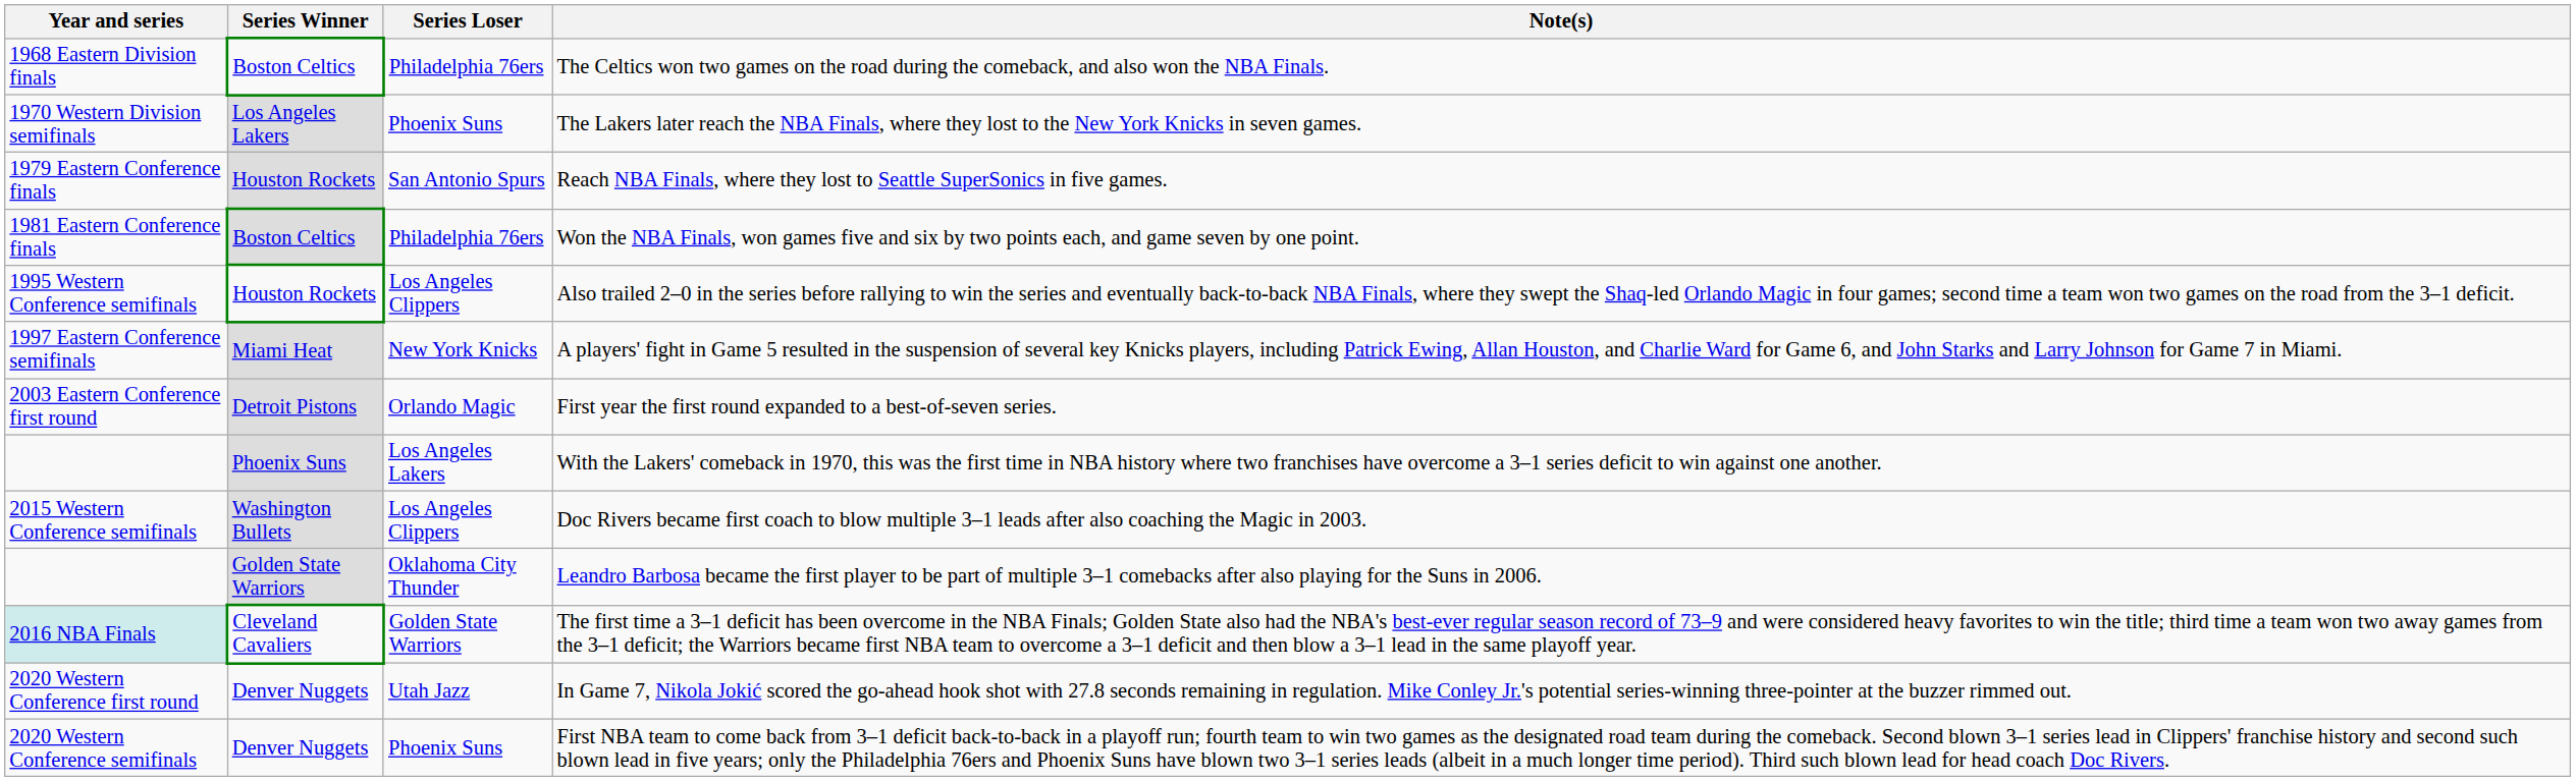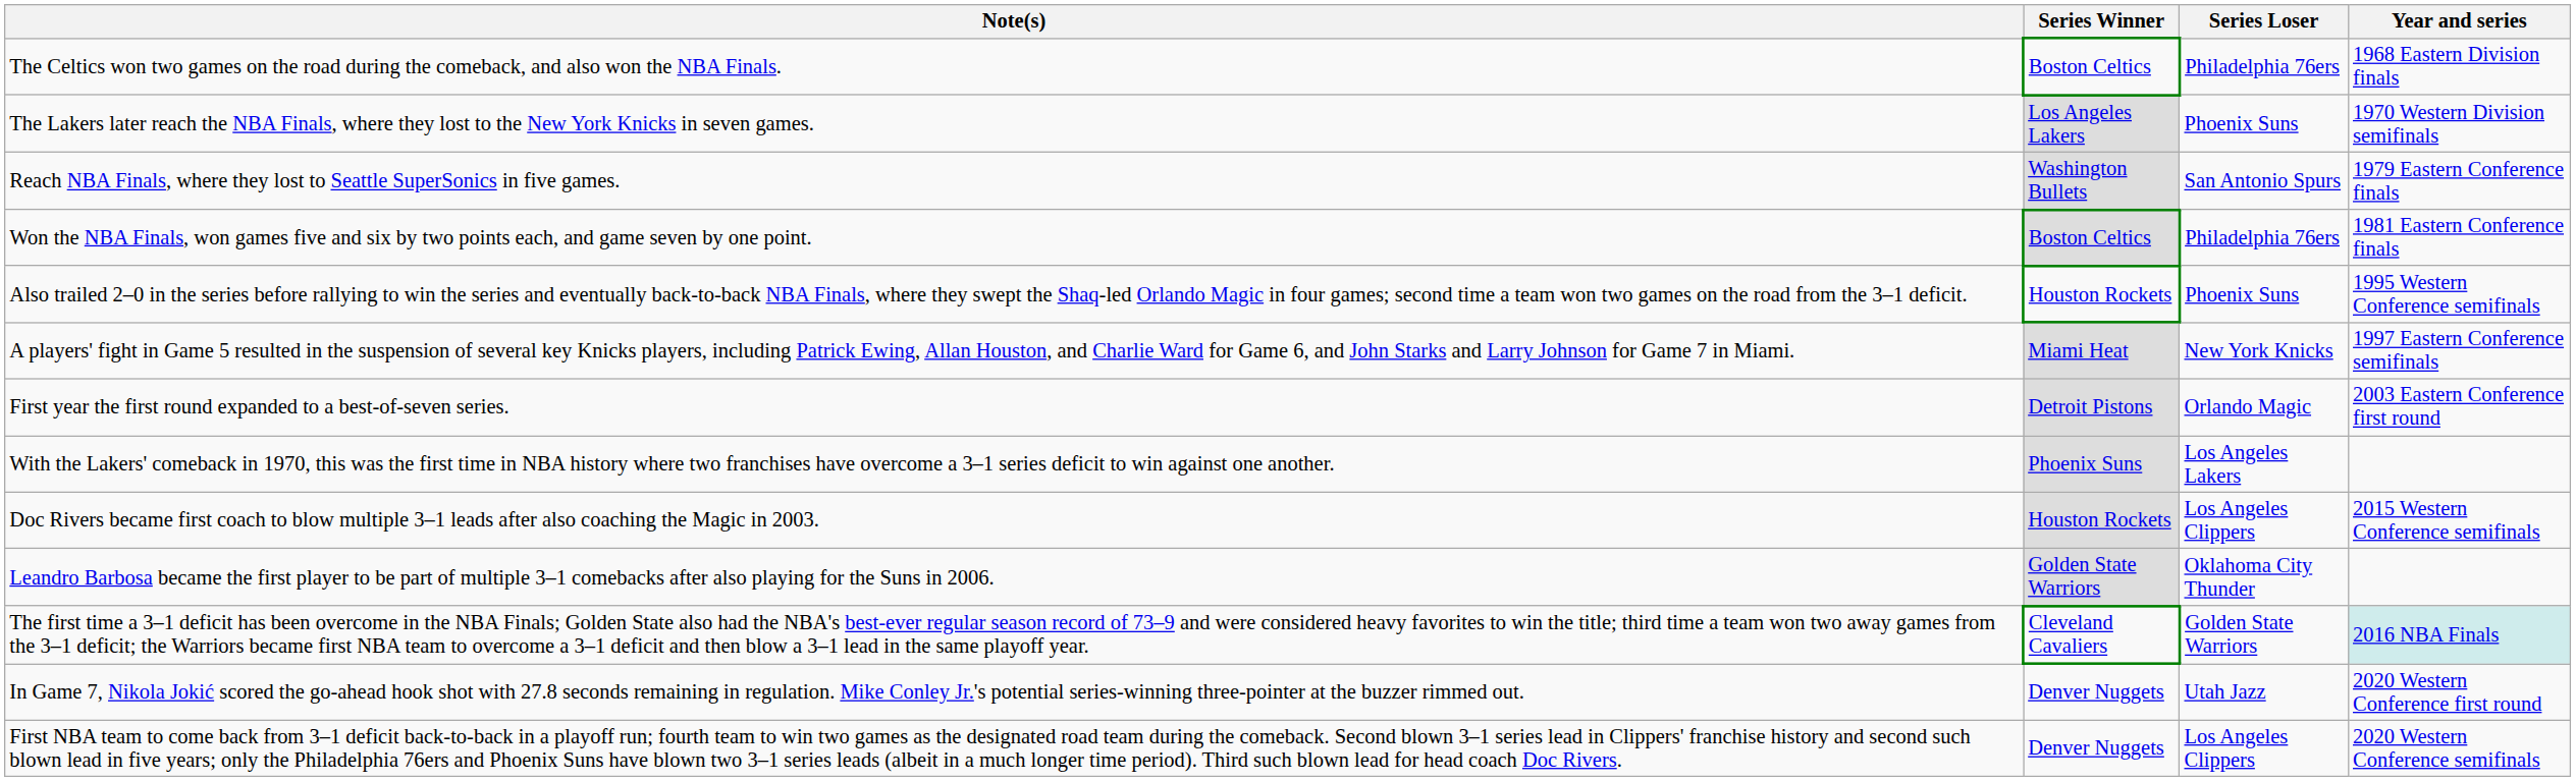 <table class="wikitable">
 <tr>
-<th>Year and series</th>
+<th>Note(s)</th>
 <th>Series Winner</th>
 <th>Series Loser</th>
-<th>Note(s)</th>
+<th>Year and series</th>
 </tr>
 <tr>
-<td><a href='#'>1968 Eastern Division finals</a></td>
+<td>The Celtics won two games on the road during the comeback, and also won the <a href='#'>NBA Finals</a>.</td>
 <td style="border-bottom:2px solid green; border-top:2px solid green; border-left:2px solid green; border-right:2px solid green"><a href='#'>Boston Celtics</a></td>
 <td><a href='#'>Philadelphia 76ers</a></td>
-<td>The Celtics won two games on the road during the comeback, and also won the <a href='#'>NBA Finals</a>.</td>
+<td><a href='#'>1968 Eastern Division finals</a></td>
 </tr>
 <tr>
-<td><a href='#'>1970 Western Division semifinals</a></td>
+<td>The Lakers later reach the <a href='#'>NBA Finals</a>, where they lost to the <a href='#'>New York Knicks</a> in seven games.</td>
 <td bgcolor="#dddddd"><a href='#'>Los Angeles Lakers</a></td>
 <td><a href='#'>Phoenix Suns</a></td>
-<td>The Lakers later reach the <a href='#'>NBA Finals</a>, where they lost to the <a href='#'>New York Knicks</a> in seven games.</td>
+<td><a href='#'>1970 Western Division semifinals</a></td>
 </tr>
 <tr>
+<td>Reach <a href='#'>NBA Finals</a>, where they lost to <a href='#'>Seattle SuperSonics</a> in five games.</td>
+<td bgcolor="#dddddd"><a href='#'>Washington Bullets</a></td>
+<td><a href='#'>San Antonio Spurs</a></td>
 <td><a href='#'>1979 Eastern Conference finals</a></td>
-<td bgcolor="#dddddd"><a href='#'>Houston Rockets</a></td>
-<td><a href='#'>San Antonio Spurs</a></td>
-<td>Reach <a href='#'>NBA Finals</a>, where they lost to <a href='#'>Seattle SuperSonics</a> in five games.</td>
 </tr>
 <tr>
-<td><a href='#'>1981 Eastern Conference finals</a></td>
+<td>Won the <a href='#'>NBA Finals</a>, won games five and six by two points each, and game seven by one point.</td>
 <td style="border-bottom:2px solid green; border-top:2px solid green; border-left:2px solid green; border-right:2px solid green" bgcolor="#dddddd"><a href='#'>Boston Celtics</a></td>
 <td><a href='#'>Philadelphia 76ers</a></td>
-<td>Won the <a href='#'>NBA Finals</a>, won games five and six by two points each, and game seven by one point.</td>
+<td><a href='#'>1981 Eastern Conference finals</a></td>
 </tr>
 <tr>
+<td>Also trailed 2–0 in the series before rallying to win the series and eventually back-to-back <a href='#'>NBA Finals</a>, where they swept the <a href='#'>Shaq</a>-led <a href='#'>Orlando Magic</a> in four games; second time a team won two games on the road from the 3–1 deficit.</td>
+<td style="border-bottom:2px solid green; border-top:2px solid green; border-left:2px solid green; border-right:2px solid green"><a href='#'>Houston Rockets</a></td>
+<td><a href='#'>Phoenix Suns</a></td>
 <td><a href='#'>1995 Western Conference semifinals</a></td>
-<td style="border-bottom:2px solid green; border-top:2px solid green; border-left:2px solid green; border-right:2px solid green"><a href='#'>Houston Rockets</a></td>
-<td><a href='#'>Los Angeles Clippers</a></td>
-<td>Also trailed 2–0 in the series before rallying to win the series and eventually back-to-back <a href='#'>NBA Finals</a>, where they swept the <a href='#'>Shaq</a>-led <a href='#'>Orlando Magic</a> in four games; second time a team won two games on the road from the 3–1 deficit.</td>
 </tr>
 <tr>
-<td><a href='#'>1997 Eastern Conference semifinals</a></td>
+<td>A players' fight in Game 5 resulted in the suspension of several key Knicks players, including <a href='#'>Patrick Ewing</a>, <a href='#'>Allan Houston</a>, and <a href='#'>Charlie Ward</a> for Game 6, and <a href='#'>John Starks</a> and <a href='#'>Larry Johnson</a> for Game 7 in Miami.</td>
 <td bgcolor="#dddddd"><a href='#'>Miami Heat</a></td>
 <td><a href='#'>New York Knicks</a></td>
-<td>A players' fight in Game 5 resulted in the suspension of several key Knicks players, including <a href='#'>Patrick Ewing</a>, <a href='#'>Allan Houston</a>, and <a href='#'>Charlie Ward</a> for Game 6, and <a href='#'>John Starks</a> and <a href='#'>Larry Johnson</a> for Game 7 in Miami.</td>
+<td><a href='#'>1997 Eastern Conference semifinals</a></td>
 </tr>
 <tr>
-<td><a href='#'>2003 Eastern Conference first round</a></td>
+<td>First year the first round expanded to a best-of-seven series.</td>
 <td bgcolor="#dddddd"><a href='#'>Detroit Pistons</a></td>
 <td><a href='#'>Orlando Magic</a></td>
-<td>First year the first round expanded to a best-of-seven series.</td>
+<td><a href='#'>2003 Eastern Conference first round</a></td>
 </tr>
 <tr>
-<td></td>
+<td>With the Lakers' comeback in 1970, this was the first time in NBA history where two franchises have overcome a 3–1 series deficit to win against one another.</td>
 <td bgcolor="#dddddd"><a href='#'>Phoenix Suns</a></td>
 <td><a href='#'>Los Angeles Lakers</a></td>
-<td>With the Lakers' comeback in 1970, this was the first time in NBA history where two franchises have overcome a 3–1 series deficit to win against one another.</td>
+<td></td>
 </tr>
 <tr>
+<td>Doc Rivers became first coach to blow multiple 3–1 leads after also coaching the Magic in 2003.</td>
+<td bgcolor="#dddddd"><a href='#'>Houston Rockets</a></td>
+<td><a href='#'>Los Angeles Clippers</a></td>
 <td><a href='#'>2015 Western Conference semifinals</a></td>
-<td bgcolor="#dddddd"><a href='#'>Washington Bullets</a></td>
-<td><a href='#'>Los Angeles Clippers</a></td>
-<td>Doc Rivers became first coach to blow multiple 3–1 leads after also coaching the Magic in 2003.</td>
 </tr>
 <tr>
-<td></td>
+<td><a href='#'>Leandro Barbosa</a> became the first player to be part of multiple 3–1 comebacks after also playing for the Suns in 2006.</td>
 <td bgcolor="#dddddd"><a href='#'>Golden State Warriors</a></td>
 <td><a href='#'>Oklahoma City Thunder</a></td>
-<td><a href='#'>Leandro Barbosa</a> became the first player to be part of multiple 3–1 comebacks after also playing for the Suns in 2006.</td>
+<td></td>
 </tr>
 <tr>
-<td style="background-color:#cfecec"><a href='#'>2016 NBA Finals</a></td>
+<td>The first time a 3–1 deficit has been overcome in the NBA Finals; Golden State also had the NBA's <a href='#'>best-ever regular season record of 73–9</a> and were considered heavy favorites to win the title; third time a team won two away games from the 3–1 deficit; the Warriors became first NBA team to overcome a 3–1 deficit and then blow a 3–1 lead in the same playoff year.</td>
 <td style="border-bottom:2px solid green; border-top:2px solid green; border-left:2px solid green; border-right:2px solid green"><a href='#'>Cleveland Cavaliers</a></td>
 <td><a href='#'>Golden State Warriors</a></td>
-<td>The first time a 3–1 deficit has been overcome in the NBA Finals; Golden State also had the NBA's <a href='#'>best-ever regular season record of 73–9</a> and were considered heavy favorites to win the title; third time a team won two away games from the 3–1 deficit; the Warriors became first NBA team to overcome a 3–1 deficit and then blow a 3–1 lead in the same playoff year.</td>
+<td style="background-color:#cfecec"><a href='#'>2016 NBA Finals</a></td>
 </tr>
 <tr>
-<td><a href='#'>2020 Western Conference first round</a></td>
+<td>In Game 7, <a href='#'>Nikola Jokić</a> scored the go-ahead hook shot with 27.8 seconds remaining in regulation. <a href='#'>Mike Conley Jr.</a>'s potential series-winning three-pointer at the buzzer rimmed out.</td>
 <td><a href='#'>Denver Nuggets</a></td>
 <td><a href='#'>Utah Jazz</a></td>
-<td>In Game 7, <a href='#'>Nikola Jokić</a> scored the go-ahead hook shot with 27.8 seconds remaining in regulation. <a href='#'>Mike Conley Jr.</a>'s potential series-winning three-pointer at the buzzer rimmed out.</td>
+<td><a href='#'>2020 Western Conference first round</a></td>
 </tr>
 <tr>
+<td>First NBA team to come back from 3–1 deficit back-to-back in a playoff run; fourth team to win two games as the designated road team during the comeback. Second blown 3–1 series lead in Clippers' franchise history and second such blown lead in five years; only the Philadelphia 76ers and Phoenix Suns have blown two 3–1 series leads (albeit in a much longer time period). Third such blown lead for head coach <a href='#'>Doc Rivers</a>.</td>
+<td><a href='#'>Denver Nuggets</a></td>
+<td><a href='#'>Los Angeles Clippers</a></td>
 <td><a href='#'>2020 Western Conference semifinals</a></td>
-<td><a href='#'>Denver Nuggets</a></td>
-<td><a href='#'>Phoenix Suns</a></td>
-<td>First NBA team to come back from 3–1 deficit back-to-back in a playoff run; fourth team to win two games as the designated road team during the comeback. Second blown 3–1 series lead in Clippers' franchise history and second such blown lead in five years; only the Philadelphia 76ers and Phoenix Suns have blown two 3–1 series leads (albeit in a much longer time period). Third such blown lead for head coach <a href='#'>Doc Rivers</a>.</td>
 </tr>
 </table>
